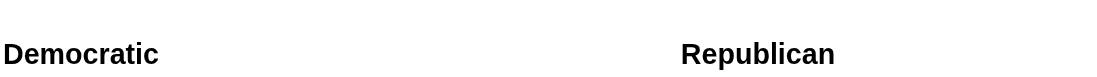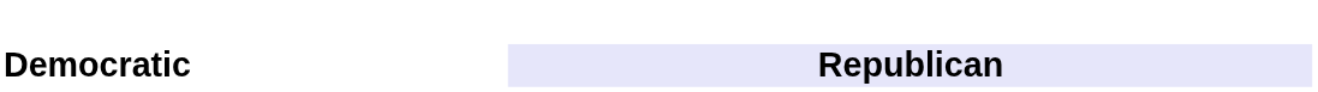 <table style="width:60%; text-align:center;">
 <tr style="color:white;">
 <td style="background:"><strong>25</strong></td>
 <td style="background:"><strong>15</strong></td>
 </tr>
 <tr>
 <td><span><strong>Democratic</strong></span></td>
-<td><span><strong>Republican</strong></span></td>
+<td style="background: lavender;"><span><strong>Republican</strong></span></td>
 </tr>
 </table>
